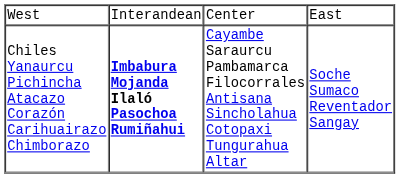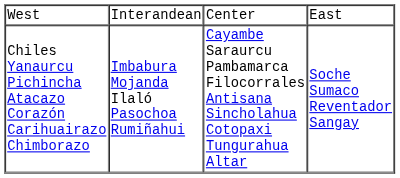 <table border cellspacing=0>
 <tr>
 <td>West</td>
 <td>Interandean</td>
 <td>Center</td>
 <td>East</td>
 </tr>
 <tr>
 <td>Chiles<br><a href='#'>Yanaurcu</a><br><a href='#'>Pichincha</a><br><a href='#'>Atacazo</a><br><a href='#'>Corazón</a><br><a href='#'>Carihuairazo</a><br><a href='#'>Chimborazo</a></td>
-<td><strong><a href='#'>Imbabura</a><br><a href='#'>Mojanda</a><br>Ilaló<br><a href='#'>Pasochoa</a><br><a href='#'>Rumiñahui</a><br></strong></td>
+<td><a href='#'>Imbabura</a><br><a href='#'>Mojanda</a><br>Ilaló<br><a href='#'>Pasochoa</a><br><a href='#'>Rumiñahui</a><br></td>
 <td><a href='#'>Cayambe</a><br>Saraurcu<br>Pambamarca<br>Filocorrales<br><a href='#'>Antisana</a><br><a href='#'>Sincholahua</a><br><a href='#'>Cotopaxi</a><br><a href='#'>Tungurahua</a><br><a href='#'>Altar</a></td>
 <td><a href='#'>Soche</a><br><a href='#'>Sumaco</a><br><a href='#'>Reventador</a><br><a href='#'>Sangay</a></td>
 </tr>
 </table>
